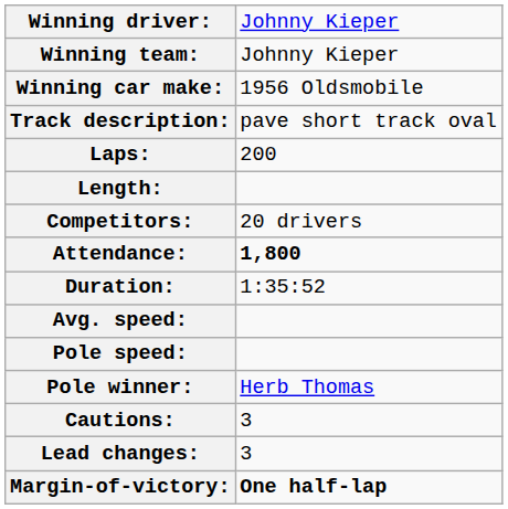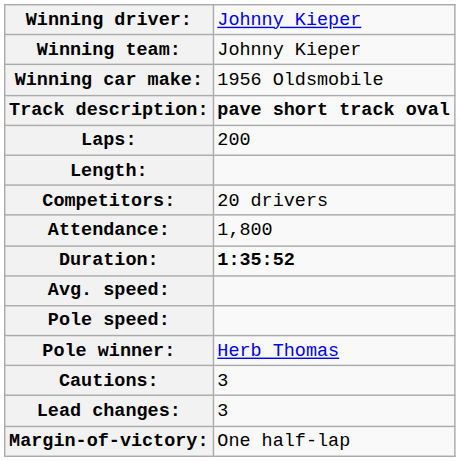 <table class="wikitable" style=text-align:left>
 <tr>
 <th>Winning driver:</th>
 <td><a href='#'>Johnny Kieper</a></td>
 </tr>
 <tr>
 <th>Winning team:</th>
 <td>Johnny Kieper</td>
 </tr>
 <tr>
 <th>Winning car make:</th>
 <td>1956 Oldsmobile</td>
 </tr>
 <tr>
 <th>Track description:</th>
-<td> pave short track oval</td>
+<td><strong> pave short track oval</strong></td>
 </tr>
 <tr>
 <th>Laps:</th>
 <td>200</td>
 </tr>
 <tr>
 <th>Length:</th>
 <td></td>
 </tr>
 <tr>
 <th>Competitors:</th>
 <td>20 drivers</td>
 </tr>
 <tr>
 <th>Attendance:</th>
-<td><strong>1,800</strong></td>
+<td>1,800</td>
 </tr>
 <tr>
 <th>Duration:</th>
-<td>1:35:52</td>
+<td><strong>1:35:52</strong></td>
 </tr>
 <tr>
 <th>Avg. speed:</th>
 <td></td>
 </tr>
 <tr>
 <th>Pole speed:</th>
 <td></td>
 </tr>
 <tr>
 <th>Pole winner:</th>
 <td><a href='#'>Herb Thomas</a></td>
 </tr>
 <tr>
 <th>Cautions:</th>
 <td>3</td>
 </tr>
 <tr>
 <th>Lead changes:</th>
 <td>3</td>
 </tr>
 <tr>
 <th>Margin-of-victory:</th>
-<td><strong>One half-lap</strong></td>
+<td>One half-lap</td>
 </tr>
 </table>
